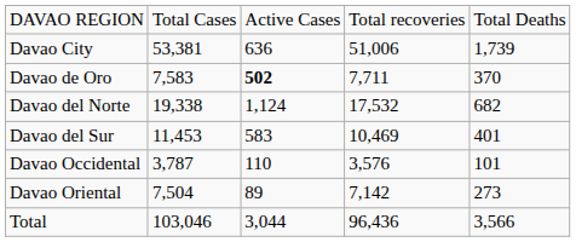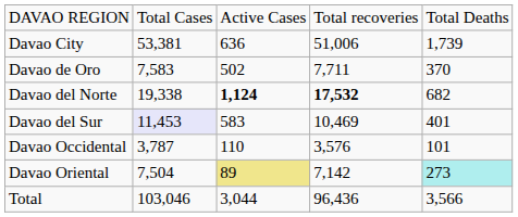 <table class="wikitable">
 <tr>
 <td>DAVAO REGION</td>
 <td>Total Cases</td>
 <td>Active Cases</td>
 <td>Total recoveries</td>
 <td>Total Deaths</td>
 </tr>
 <tr>
 <td>Davao City</td>
 <td>53,381</td>
 <td>636</td>
 <td>51,006</td>
 <td>1,739</td>
 </tr>
 <tr>
 <td>Davao de Oro</td>
 <td>7,583</td>
-<td><strong>502</strong></td>
+<td>502</td>
 <td>7,711</td>
 <td>370</td>
 </tr>
 <tr>
 <td>Davao del Norte</td>
 <td>19,338</td>
-<td>1,124</td>
-<td>17,532</td>
+<td><strong>1,124</strong></td>
+<td><strong>17,532</strong></td>
 <td>682</td>
 </tr>
 <tr>
 <td>Davao del Sur</td>
-<td>11,453</td>
+<td style="background: lavender;">11,453</td>
 <td>583</td>
 <td>10,469</td>
 <td>401</td>
 </tr>
 <tr>
 <td>Davao Occidental</td>
 <td>3,787</td>
 <td>110</td>
 <td>3,576</td>
 <td>101</td>
 </tr>
 <tr>
 <td>Davao Oriental</td>
 <td>7,504</td>
-<td>89</td>
+<td style="background: khaki;">89</td>
 <td>7,142</td>
-<td>273</td>
+<td style="background: paleturquoise;">273</td>
 </tr>
 <tr>
 <td>Total</td>
 <td>103,046</td>
 <td>3,044</td>
 <td>96,436</td>
 <td>3,566</td>
 </tr>
 </table>
